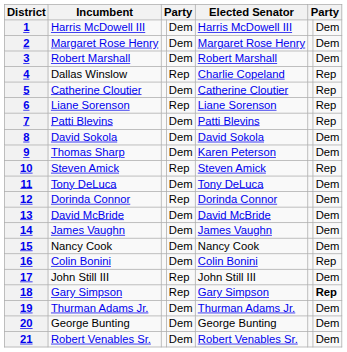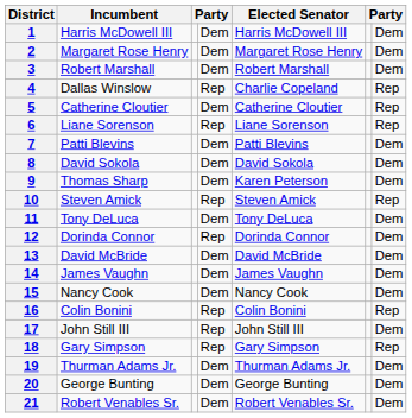 <table class="sortable wikitable" style="font-size:95%;line-height:14px;">
 <tr>
 <th colspan="1">District</th>
 <th class="unsortable">Incumbent</th>
 <th colspan="2">Party</th>
 <th class="unsortable">Elected Senator</th>
 <th colspan="2">Party</th>
 </tr>
 <tr>
 <th><a href='#'>1</a></th>
 <td><a href='#'>Harris McDowell III</a></td>
 <td style="background:"></td>
 <td>Dem</td>
 <td><a href='#'>Harris McDowell III</a></td>
 <td style="background:"></td>
 <td>Dem</td>
 </tr>
 <tr>
 <th><a href='#'>2</a></th>
 <td><a href='#'>Margaret Rose Henry</a></td>
 <td style="background:"></td>
 <td>Dem</td>
 <td><a href='#'>Margaret Rose Henry</a></td>
 <td style="background:"></td>
 <td>Dem</td>
 </tr>
 <tr>
 <th><a href='#'>3</a></th>
 <td><a href='#'>Robert Marshall</a></td>
 <td style="background:"></td>
 <td>Dem</td>
 <td><a href='#'>Robert Marshall</a></td>
 <td style="background:"></td>
 <td>Dem</td>
 </tr>
 <tr>
 <th><a href='#'>4</a></th>
 <td>Dallas Winslow</td>
 <td style="background:"></td>
 <td>Rep</td>
 <td><a href='#'>Charlie Copeland</a></td>
 <td style="background:"></td>
 <td>Rep</td>
 </tr>
 <tr>
 <th><a href='#'>5</a></th>
 <td><a href='#'>Catherine Cloutier</a></td>
 <td style="background:"></td>
 <td>Dem</td>
 <td><a href='#'>Catherine Cloutier</a></td>
 <td style="background:"></td>
 <td>Rep</td>
 </tr>
 <tr>
 <th><a href='#'>6</a></th>
 <td><a href='#'>Liane Sorenson</a></td>
 <td style="background:"></td>
 <td>Rep</td>
 <td><a href='#'>Liane Sorenson</a></td>
 <td style="background:"></td>
 <td>Rep</td>
 </tr>
 <tr>
 <th><a href='#'>7</a></th>
 <td><a href='#'>Patti Blevins</a></td>
 <td style="background:"></td>
 <td>Dem</td>
 <td><a href='#'>Patti Blevins</a></td>
 <td style="background:"></td>
-<td>Rep</td>
+<td>Dem</td>
 </tr>
 <tr>
 <th><a href='#'>8</a></th>
 <td><a href='#'>David Sokola</a></td>
 <td style="background:"></td>
 <td>Dem</td>
 <td><a href='#'>David Sokola</a></td>
 <td style="background:"></td>
 <td>Dem</td>
 </tr>
 <tr>
 <th><a href='#'>9</a></th>
 <td><a href='#'>Thomas Sharp</a></td>
 <td style="background:"></td>
 <td>Dem</td>
 <td><a href='#'>Karen Peterson</a></td>
 <td style="background:"></td>
 <td>Dem</td>
 </tr>
 <tr>
 <th><a href='#'>10</a></th>
 <td><a href='#'>Steven Amick</a></td>
 <td style="background:"></td>
 <td>Rep</td>
 <td><a href='#'>Steven Amick</a></td>
 <td style="background:"></td>
 <td>Rep</td>
 </tr>
 <tr>
 <th><a href='#'>11</a></th>
 <td><a href='#'>Tony DeLuca</a></td>
 <td style="background:"></td>
 <td>Dem</td>
 <td><a href='#'>Tony DeLuca</a></td>
 <td style="background:"></td>
 <td>Dem</td>
 </tr>
 <tr>
 <th><a href='#'>12</a></th>
 <td><a href='#'>Dorinda Connor</a></td>
 <td style="background:"></td>
 <td>Rep</td>
 <td><a href='#'>Dorinda Connor</a></td>
 <td style="background:"></td>
 <td>Dem</td>
 </tr>
 <tr>
 <th><a href='#'>13</a></th>
 <td><a href='#'>David McBride</a></td>
 <td style="background:"></td>
 <td>Dem</td>
 <td><a href='#'>David McBride</a></td>
 <td style="background:"></td>
 <td>Dem</td>
 </tr>
 <tr>
 <th><a href='#'>14</a></th>
 <td><a href='#'>James Vaughn</a></td>
 <td style="background:"></td>
 <td>Dem</td>
 <td><a href='#'>James Vaughn</a></td>
 <td style="background:"></td>
 <td>Dem</td>
 </tr>
 <tr>
 <th><a href='#'>15</a></th>
 <td>Nancy Cook</td>
 <td style="background:"></td>
 <td>Dem</td>
 <td>Nancy Cook</td>
 <td style="background:"></td>
 <td>Dem</td>
 </tr>
 <tr>
 <th><a href='#'>16</a></th>
 <td><a href='#'>Colin Bonini</a></td>
 <td style="background:"></td>
-<td>Dem</td>
+<td>Rep</td>
 <td><a href='#'>Colin Bonini</a></td>
 <td style="background:"></td>
 <td>Rep</td>
 </tr>
 <tr>
 <th><a href='#'>17</a></th>
 <td>John Still III</td>
 <td style="background:"></td>
 <td>Rep</td>
 <td>John Still III</td>
 <td style="background:"></td>
 <td>Dem</td>
 </tr>
 <tr>
 <th><a href='#'>18</a></th>
 <td><a href='#'>Gary Simpson</a></td>
 <td style="background:"></td>
 <td>Rep</td>
 <td><a href='#'>Gary Simpson</a></td>
 <td style="background:"></td>
-<td><strong>Rep</strong></td>
+<td>Rep</td>
 </tr>
 <tr>
 <th><a href='#'>19</a></th>
 <td><a href='#'>Thurman Adams Jr.</a></td>
 <td style="background:"></td>
 <td>Dem</td>
 <td><a href='#'>Thurman Adams Jr.</a></td>
 <td style="background:"></td>
 <td>Dem</td>
 </tr>
 <tr>
 <th><a href='#'>20</a></th>
 <td>George Bunting</td>
 <td style="background:"></td>
 <td>Dem</td>
 <td>George Bunting</td>
 <td style="background:"></td>
 <td>Dem</td>
 </tr>
 <tr>
 <th><a href='#'>21</a></th>
 <td><a href='#'>Robert Venables Sr.</a></td>
 <td style="background:"></td>
 <td>Dem</td>
 <td><a href='#'>Robert Venables Sr.</a></td>
 <td style="background:"></td>
 <td>Dem</td>
 </tr>
 </table>
